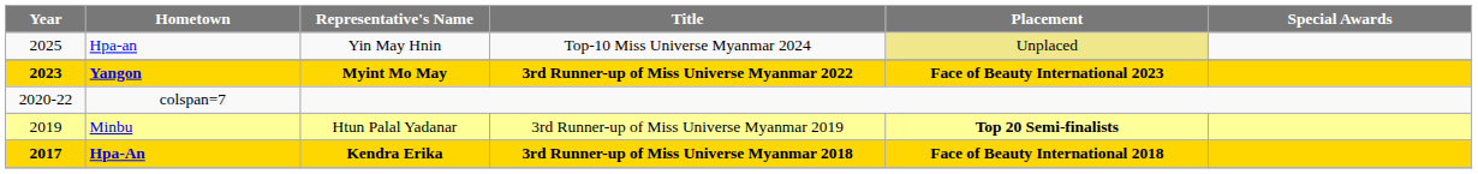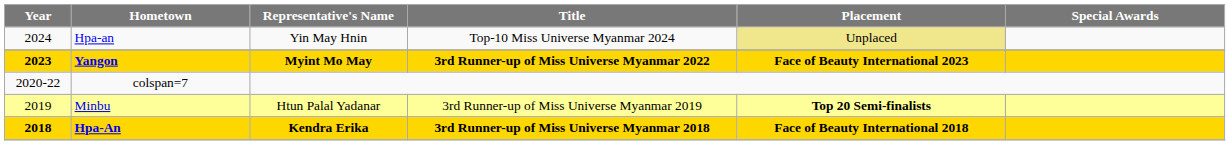 <table class="wikitable sortable" style="font-size: 83%; text-align:center">
 <tr>
 <th width="60" style="background-color:#787878;color:#FFFFFF;">Year</th>
 <th width="170" style="background-color:#787878;color:#FFFFFF;">Hometown</th>
 <th width="150" style="background-color:#787878;color:#FFFFFF;">Representative's Name</th>
 <th width="320" style="background-color:#787878;color:#FFFFFF;">Title</th>
 <th width="260" style="background-color:#787878;color:#FFFFFF;">Placement</th>
 <th width="210" style="background-color:#787878;color:#FFFFFF;">Special Awards</th>
 </tr>
 <tr>
-<td>2025</td>
+<td>2024</td>
 <td align=left> <a href='#'>Hpa-an</a></td>
 <td>Yin May Hnin</td>
 <td>Top-10 Miss Universe Myanmar 2024</td>
 <td style="background: khaki;">Unplaced</td>
 <td></td>
 </tr>
 <tr>
 </tr>
 <tr style="background-color:gold; font-weight: bold ">
 <td>2023</td>
 <td align=left> <a href='#'>Yangon</a></td>
 <td>Myint Mo May</td>
 <td>3rd Runner-up of Miss Universe Myanmar 2022</td>
 <td><strong>Face of Beauty International 2023</strong></td>
 <td style="background:;"></td>
 </tr>
 <tr>
 <td>2020-22</td>
 <td>colspan=7 </td>
 </tr>
 <tr style="background-color:#FFFF99; ">
 <td>2019</td>
 <td align=left> <a href='#'>Minbu</a></td>
 <td>Htun Palal Yadanar</td>
 <td>3rd Runner-up of Miss Universe Myanmar 2019</td>
 <td><strong>Top 20 Semi-finalists</strong></td>
 <td style="background:;"></td>
 </tr>
 <tr style="background-color:gold; font-weight: bold ">
-<td>2017</td>
+<td>2018</td>
 <td align=left> <a href='#'>Hpa-An</a></td>
 <td>Kendra Erika</td>
 <td>3rd Runner-up of Miss Universe Myanmar 2018</td>
 <td><strong>Face of Beauty International 2018</strong></td>
 <td style="background:;"></td>
 </tr>
 <tr>
 </tr>
 </table>
